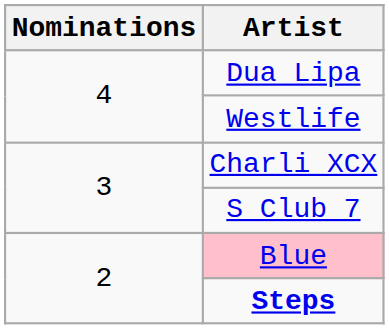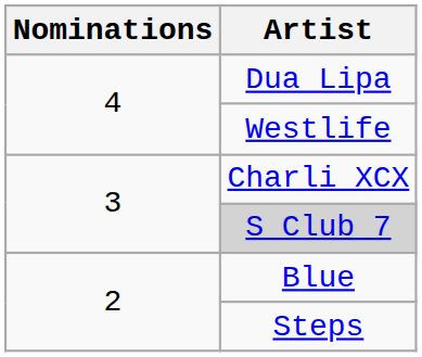 <table class="wikitable" rowspan="2" style="text-align:center;">
 <tr>
 <th scope="col" style="width:55px;">Nominations</th>
 <th scope="col" style="text-align:center;">Artist</th>
 </tr>
 <tr>
 <td rowspan=2>4</td>
 <td><a href='#'>Dua Lipa</a></td>
 </tr>
 <tr>
 <td><a href='#'>Westlife</a></td>
 </tr>
 <tr>
 <td rowspan="2">3</td>
 <td><a href='#'>Charli XCX</a></td>
 </tr>
 <tr>
-<td><a href='#'>S Club 7</a></td>
+<td style="background: lightgrey;"><a href='#'>S Club 7</a></td>
 </tr>
 <tr>
 <td rowspan="2">2</td>
-<td style="background: pink;"><a href='#'>Blue</a></td>
+<td><a href='#'>Blue</a></td>
 </tr>
 <tr>
-<td><strong><a href='#'>Steps</a></strong></td>
+<td><a href='#'>Steps</a></td>
 </tr>
 </table>
